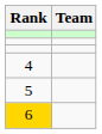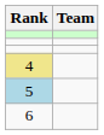 <table class="wikitable" style="text-align:center">
 <tr>
 <th width=40>Rank</th>
 <th>Team</th>
 </tr>
 <tr bgcolor=#ccffcc>
 <td></td>
 <td style="text-align:left"></td>
 </tr>
 <tr>
 <td></td>
 <td style="text-align:left"></td>
 </tr>
 <tr>
 <td></td>
 <td style="text-align:left"></td>
 </tr>
 <tr>
-<td>4</td>
+<td style="background: khaki;">4</td>
 <td style="text-align:left"></td>
 </tr>
 <tr>
-<td>5</td>
+<td style="background: lightblue;">5</td>
 <td style="text-align:left"></td>
 </tr>
 <tr>
-<td style="background: gold;">6</td>
+<td>6</td>
 <td style="text-align:left"></td>
 </tr>
 </table>
